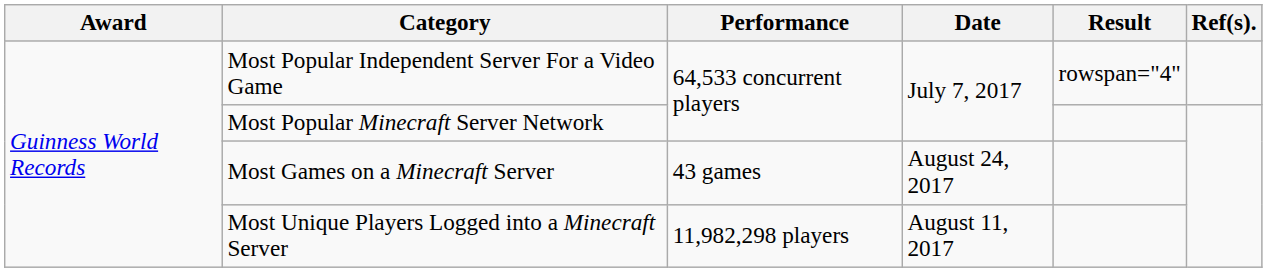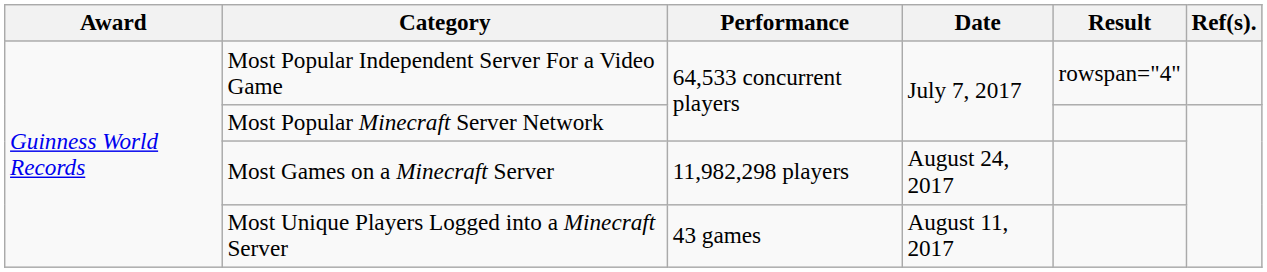 <table class="wikitable sortable">
 <tr>
 <th>Award</th>
 <th>Category</th>
 <th>Performance</th>
 <th>Date</th>
 <th>Result</th>
 <th>Ref(s).</th>
 </tr>
 <tr>
 <td rowspan="4"><em><a href='#'>Guinness World Records</a></em></td>
 <td>Most Popular Independent Server For a Video Game</td>
 <td rowspan="2">64,533 concurrent players</td>
 <td rowspan="2">July 7, 2017</td>
 <td>rowspan="4" </td>
 <td></td>
 </tr>
 <tr>
 <td>Most Popular <em>Minecraft</em> Server Network</td>
 <td></td>
 </tr>
 <tr>
 <td>Most Games on a <em>Minecraft</em> Server</td>
-<td>43 games</td>
+<td>11,982,298 players</td>
 <td>August 24, 2017</td>
 <td></td>
 </tr>
 <tr>
 <td>Most Unique Players Logged into a <em>Minecraft</em> Server</td>
-<td>11,982,298 players</td>
+<td>43 games</td>
 <td>August 11, 2017</td>
 <td></td>
 </tr>
 </table>
